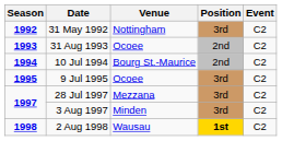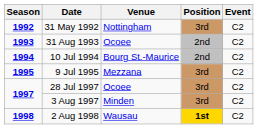 <table class="wikitable" style="text-align:center; font-size:95%;">
 <tr>
 <th>Season</th>
 <th>Date</th>
 <th>Venue</th>
 <th>Position</th>
 <th>Event</th>
 </tr>
 <tr>
 <td><strong><a href='#'>1992</a></strong></td>
 <td align=right>31 May 1992</td>
 <td align=left><a href='#'>Nottingham</a></td>
 <td bgcolor=cc9966>3rd</td>
 <td>C2</td>
 </tr>
 <tr>
 <td><strong><a href='#'>1993</a></strong></td>
 <td align=right>31 Aug 1993</td>
 <td align=left><a href='#'>Ocoee</a></td>
 <td bgcolor=silver>2nd</td>
 <td>C2</td>
 </tr>
 <tr>
 <td><strong><a href='#'>1994</a></strong></td>
 <td align=right>10 Jul 1994</td>
 <td align=left><a href='#'>Bourg St.-Maurice</a></td>
 <td bgcolor=silver>2nd</td>
 <td>C2</td>
 </tr>
 <tr>
 <td><strong><a href='#'>1995</a></strong></td>
 <td align=right>9 Jul 1995</td>
-<td align=left><a href='#'>Ocoee</a></td>
+<td align=left><a href='#'>Mezzana</a></td>
 <td bgcolor=cc9966>3rd</td>
 <td>C2</td>
 </tr>
 <tr>
 <td rowspan=2><strong><a href='#'>1997</a></strong></td>
 <td align=right>28 Jul 1997</td>
-<td align=left><a href='#'>Mezzana</a></td>
+<td align=left><a href='#'>Ocoee</a></td>
 <td bgcolor=cc9966>3rd</td>
 <td>C2</td>
 </tr>
 <tr>
 <td align=right>3 Aug 1997</td>
 <td align=left><a href='#'>Minden</a></td>
 <td bgcolor=cc9966>3rd</td>
 <td>C2</td>
 </tr>
 <tr>
 <td><strong><a href='#'>1998</a></strong></td>
 <td align=right>2 Aug 1998</td>
 <td align=left><a href='#'>Wausau</a></td>
 <td bgcolor=gold><strong>1st</strong></td>
 <td>C2</td>
 </tr>
 </table>
